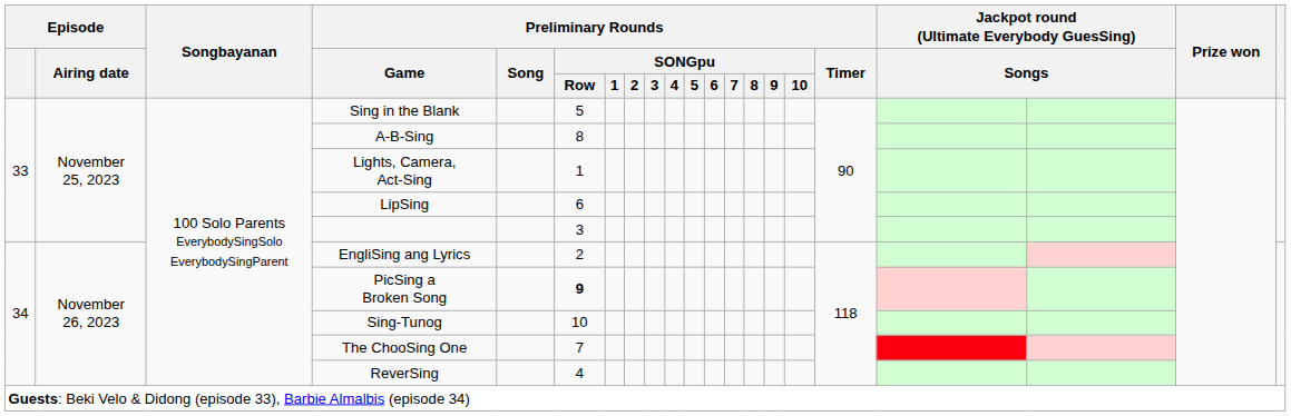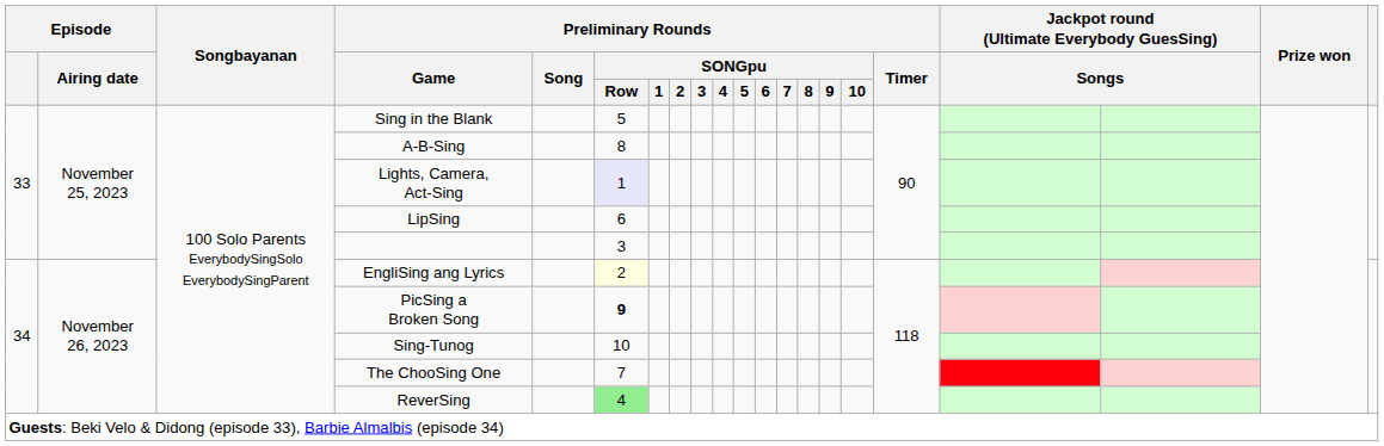 <table class="wikitable mw-collapsible mw-collapsed" style="text-align:center; font-size:90%; line-height:18px;" width="100%">
 <tr>
 <th colspan=2>Episode</th>
 <th rowspan=3>Songbayanan</th>
 <th colspan=14>Preliminary Rounds</th>
 <th colspan=2>Jackpot round<br><strong>(Ultimate Everybody GuesSing)</strong></th>
 <th rowspan=3>Prize won</th>
 <th rowspan=3></th>
 </tr>
 <tr>
 <th rowspan=2></th>
 <th rowspan=2>Airing date</th>
 <th rowspan=2>Game</th>
 <th rowspan=2>Song</th>
 <th colspan=11>SONGpu</th>
 <th rowspan=2>Timer</th>
 <th colspan=2 rowspan=2>Songs</th>
 </tr>
 <tr>
 <th>Row</th>
 <th>1</th>
 <th>2</th>
 <th>3</th>
 <th>4</th>
 <th>5</th>
 <th>6</th>
 <th>7</th>
 <th>8</th>
 <th>9</th>
 <th>10</th>
 </tr>
 <tr>
 <td rowspan=5>33</td>
 <td rowspan=5>November<br>25, 2023</td>
 <td rowspan=10>100 Solo Parents<br><small>EverybodySingSolo<br>EverybodySingParent</small></td>
 <td>Sing in the Blank</td>
 <td></td>
 <td>5</td>
 <td></td>
 <td></td>
 <td></td>
 <td></td>
 <td></td>
 <td></td>
 <td></td>
 <td></td>
 <td></td>
 <td></td>
 <td rowspan=5>90<br></td>
 <td bgcolor=D2FFD2></td>
 <td bgcolor=D2FFD2></td>
 <td rowspan=10></td>
 <td rowspan=5><br></td>
 </tr>
 <tr>
 <td>A-B-Sing</td>
 <td></td>
 <td>8</td>
 <td></td>
 <td></td>
 <td></td>
 <td></td>
 <td></td>
 <td></td>
 <td></td>
 <td></td>
 <td></td>
 <td></td>
 <td bgcolor=D2FFD2></td>
 <td bgcolor=D2FFD2></td>
 </tr>
 <tr>
 <td>Lights, Camera,<br>Act-Sing</td>
 <td></td>
-<td>1</td>
+<td style="background: lavender;">1</td>
 <td></td>
 <td></td>
 <td></td>
 <td></td>
 <td></td>
 <td></td>
 <td></td>
 <td></td>
 <td></td>
 <td></td>
 <td bgcolor=D2FFD2></td>
 <td bgcolor=D2FFD2></td>
 </tr>
 <tr>
 <td>LipSing</td>
 <td></td>
 <td>6</td>
 <td></td>
 <td></td>
 <td></td>
 <td></td>
 <td></td>
 <td></td>
 <td></td>
 <td></td>
 <td></td>
 <td></td>
 <td bgcolor=D2FFD2></td>
 <td bgcolor=D2FFD2></td>
 </tr>
 <tr>
 <td></td>
 <td></td>
 <td>3</td>
 <td></td>
 <td></td>
 <td></td>
 <td></td>
 <td></td>
 <td></td>
 <td></td>
 <td></td>
 <td></td>
 <td></td>
 <td bgcolor=D2FFD2></td>
 <td bgcolor=D2FFD2></td>
 </tr>
 <tr>
 <td rowspan=5>34</td>
 <td rowspan=5>November<br>26, 2023</td>
 <td>EngliSing ang Lyrics</td>
 <td></td>
-<td>2</td>
+<td style="background: lightyellow;">2</td>
 <td></td>
 <td></td>
 <td></td>
 <td></td>
 <td></td>
 <td></td>
 <td></td>
 <td></td>
 <td></td>
 <td></td>
 <td rowspan=5>118<br></td>
 <td bgcolor=D2FFD2></td>
 <td bgcolor=FFD2D2></td>
 <td rowspan=5><br></td>
 </tr>
 <tr>
 <td>PicSing a<br>Broken Song</td>
 <td></td>
 <td><strong>9</strong></td>
 <td></td>
 <td></td>
 <td></td>
 <td></td>
 <td></td>
 <td></td>
 <td></td>
 <td></td>
 <td></td>
 <td></td>
 <td bgcolor=FFD2D2></td>
 <td bgcolor=D2FFD2></td>
 </tr>
 <tr>
 <td>Sing-Tunog</td>
 <td></td>
 <td>10</td>
 <td></td>
 <td></td>
 <td></td>
 <td></td>
 <td></td>
 <td></td>
 <td></td>
 <td></td>
 <td></td>
 <td></td>
 <td bgcolor=D2FFD2></td>
 <td bgcolor=D2FFD2></td>
 </tr>
 <tr>
 <td>The ChooSing One</td>
 <td></td>
 <td>7</td>
 <td></td>
 <td></td>
 <td></td>
 <td></td>
 <td></td>
 <td></td>
 <td></td>
 <td></td>
 <td></td>
 <td></td>
 <td bgcolor="D2FFD2; border:solid 4px #FFD700;"></td>
 <td bgcolor=FFD2D2></td>
 </tr>
 <tr>
 <td>ReverSing</td>
 <td></td>
-<td>4</td>
+<td style="background: lightgreen;">4</td>
 <td></td>
 <td></td>
 <td></td>
 <td></td>
 <td></td>
 <td></td>
 <td></td>
 <td></td>
 <td></td>
 <td></td>
 <td bgcolor=D2FFD2></td>
 <td bgcolor=D2FFD2></td>
 </tr>
 <tr>
 <td colspan=21 style="background:white;" align="left"><strong>Guests</strong>: Beki Velo & Didong (episode 33), <a href='#'>Barbie Almalbis</a> (episode 34)</td>
 </tr>
 </table>
